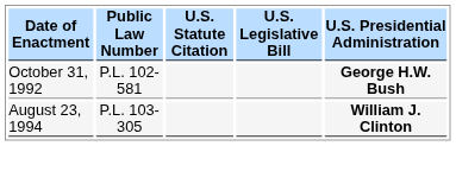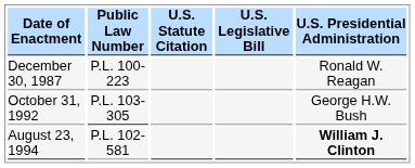 <table style="border:1px solid gray; align:left; width:75%" cellspacing=3 cellpadding=0>
 <tr style="font-weight:bold; text-align:center; background:#bbddff; color:black;">
 <th style=" border-bottom:1.5px solid black">Date of Enactment</th>
 <th style=" border-bottom:1.5px solid black">Public Law Number</th>
 <th style=" border-bottom:1.5px solid black">U.S. Statute Citation</th>
 <th style=" border-bottom:1.5px solid black">U.S. Legislative Bill</th>
 <th style=" border-bottom:1.5px solid black">U.S. Presidential Administration</th>
 </tr>
 <tr>
-<td style="border-bottom:1px solid gray; background:#F5F5F5;">October 31, 1992</td>
-<td style="border-bottom:1px solid gray; background:#F5F5F5; text-align:center;">P.L. 102-581</td>
+<td style="border-bottom:1px solid gray; background:#F5F5F5;">December 30, 1987</td>
+<td style="border-bottom:1px solid gray; background:#F5F5F5; text-align:center;">P.L. 100-223</td>
 <td style="border-bottom:1px solid gray; background:#F5F5F5; text-align:center;"></td>
 <td style="border-bottom:1px solid gray; background:#F5F5F5; text-align:center;"></td>
-<td style="border-bottom:1px solid gray; background:#F5F5F5; text-align:center;"><strong>George H.W. Bush</strong></td>
+<td style="border-bottom:1px solid gray; background:#F5F5F5; text-align:center;">Ronald W. Reagan</td>
+</tr>
+<tr>
+<td style="border-bottom:1px solid gray; background:#F5F5F5;">October 31, 1992</td>
+<td style="border-bottom:1.5px solid black; background:#F5F5F5; text-align:center;">P.L. 103-305</td>
+<td style="border-bottom:1px solid gray; background:#F5F5F5; text-align:center;"></td>
+<td style="border-bottom:1px solid gray; background:#F5F5F5; text-align:center;"></td>
+<td style="border-bottom:1px solid gray; background:#F5F5F5; text-align:center;">George H.W. Bush</td>
 </tr>
 <tr>
 <td style="border-bottom:1.5px solid black; background:#F5F5F5;">August 23, 1994</td>
-<td style="border-bottom:1.5px solid black; background:#F5F5F5; text-align:center;">P.L. 103-305</td>
+<td style="border-bottom:1px solid gray; background:#F5F5F5; text-align:center;">P.L. 102-581</td>
 <td style="border-bottom:1.5px solid black; background:#F5F5F5; text-align:center;"></td>
 <td style="border-bottom:1.5px solid black; background:#F5F5F5; text-align:center;"></td>
 <td style="border-bottom:1.5px solid black; background:#F5F5F5; text-align:center;"><strong>William J. Clinton</strong></td>
 </tr>
 </table>
